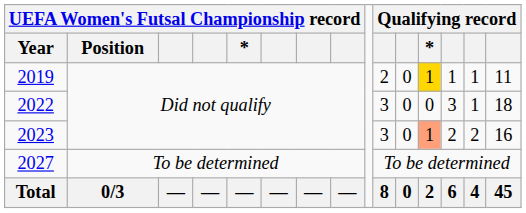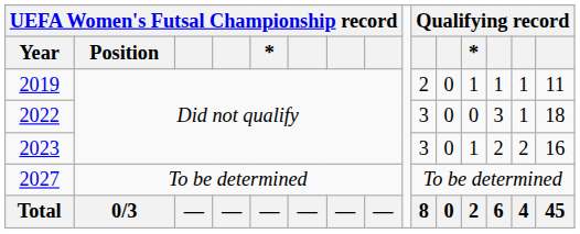 <table class="wikitable" style="text-align: center;">
 <tr>
 <th colspan="8"><a href='#'>UEFA Women's Futsal Championship</a> record</th>
 <td rowspan=17></td>
 <th colspan=6>Qualifying record</th>
 </tr>
 <tr>
 <th>Year</th>
 <th>Position</th>
 <th></th>
 <th></th>
 <th>*</th>
 <th></th>
 <th></th>
 <th></th>
 <th></th>
 <th></th>
 <th>*</th>
 <th></th>
 <th></th>
 <th></th>
 </tr>
 <tr>
 <td> <a href='#'>2019</a></td>
 <td colspan="7" rowspan="3"><em>Did not qualify</em></td>
 <td>2</td>
 <td>0</td>
-<td style="background: gold;">1</td>
+<td>1</td>
 <td>1</td>
 <td>1</td>
 <td>11</td>
 </tr>
 <tr>
 <td> <a href='#'>2022</a></td>
 <td>3</td>
 <td>0</td>
 <td>0</td>
 <td>3</td>
 <td>1</td>
 <td>18</td>
 </tr>
 <tr>
 <td> <a href='#'>2023</a></td>
 <td>3</td>
 <td>0</td>
-<td style="background: lightsalmon;">1</td>
+<td>1</td>
 <td>2</td>
 <td>2</td>
 <td>16</td>
 </tr>
 <tr>
 <td> <a href='#'>2027</a></td>
 <td colspan="7"><em>To be determined</em></td>
 <td colspan=6><em>To be determined</em></td>
 </tr>
 <tr>
 <th>Total</th>
 <th>0/3</th>
 <th>—</th>
 <th>—</th>
 <th>—</th>
 <th>—</th>
 <th>—</th>
 <th>—</th>
 <th>8</th>
 <th>0</th>
 <th>2</th>
 <th>6</th>
 <th>4</th>
 <th>45</th>
 </tr>
 </table>
